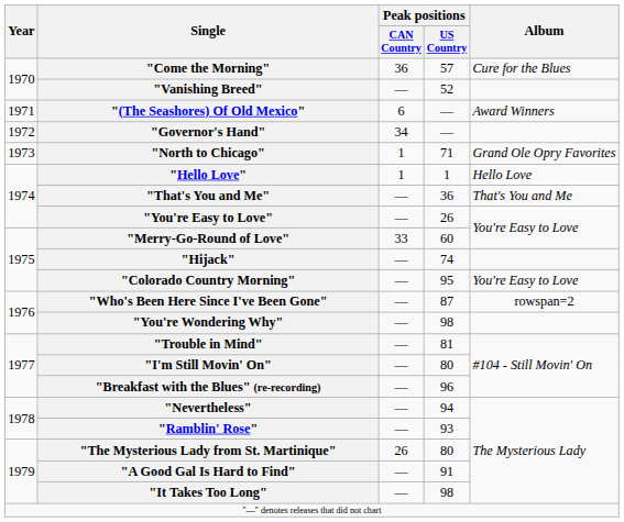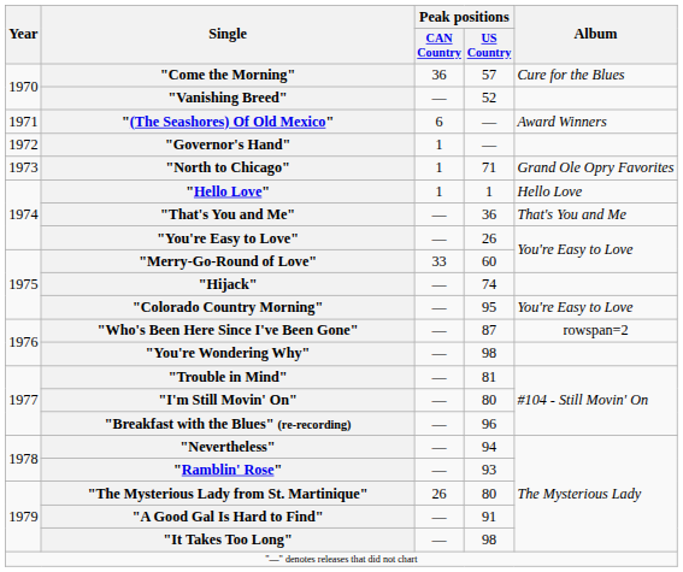 <table class="wikitable plainrowheaders" style="text-align:center;">
 <tr>
 <th rowspan="2">Year</th>
 <th rowspan="2" style="width:25em;">Single</th>
 <th scope="col" colspan="2">Peak positions</th>
 <th rowspan="2">Album</th>
 </tr>
 <tr style="font-size:smaller;">
 <th width="45"><a href='#'>CAN Country</a></th>
 <th width="45"><a href='#'>US Country</a><br></th>
 </tr>
 <tr>
 <td rowspan=2>1970</td>
 <th scope="row">"Come the Morning"</th>
 <td>36</td>
 <td>57</td>
 <td align="left"><em>Cure for the Blues</em></td>
 </tr>
 <tr>
 <th scope="row">"Vanishing Breed"</th>
 <td>—</td>
 <td>52</td>
 <td></td>
 </tr>
 <tr>
 <td>1971</td>
 <th scope="row">"<a href='#'>(The Seashores) Of Old Mexico</a>"</th>
 <td>6</td>
 <td>—</td>
 <td align="left"><em>Award Winners</em></td>
 </tr>
 <tr>
 <td>1972</td>
 <th scope="row">"Governor's Hand"</th>
-<td>34</td>
+<td>1</td>
 <td>—</td>
 <td></td>
 </tr>
 <tr>
 <td>1973</td>
 <th scope="row">"North to Chicago"</th>
 <td>1</td>
 <td>71</td>
 <td align="left"><em>Grand Ole Opry Favorites</em></td>
 </tr>
 <tr>
 <td rowspan=3>1974</td>
 <th scope="row">"<a href='#'>Hello Love</a>"</th>
 <td>1</td>
 <td>1</td>
 <td align="left"><em>Hello Love</em></td>
 </tr>
 <tr>
 <th scope="row">"That's You and Me"</th>
 <td>—</td>
 <td>36</td>
 <td align="left"><em>That's You and Me</em></td>
 </tr>
 <tr>
 <th scope="row">"You're Easy to Love"</th>
 <td>—</td>
 <td>26</td>
 <td align="left" rowspan=2><em>You're Easy to Love</em></td>
 </tr>
 <tr>
 <td rowspan=3>1975</td>
 <th scope="row">"Merry-Go-Round of Love"</th>
 <td>33</td>
 <td>60</td>
 </tr>
 <tr>
 <th scope="row">"Hijack"</th>
 <td>—</td>
 <td>74</td>
 <td></td>
 </tr>
 <tr>
 <th scope="row">"Colorado Country Morning"</th>
 <td>—</td>
 <td>95</td>
 <td align="left"><em>You're Easy to Love</em></td>
 </tr>
 <tr>
 <td rowspan=2>1976</td>
 <th scope="row">"Who's Been Here Since I've Been Gone"</th>
 <td>—</td>
 <td>87</td>
 <td>rowspan=2 </td>
 </tr>
 <tr>
 <th scope="row">"You're Wondering Why"</th>
 <td>—</td>
 <td>98</td>
 </tr>
 <tr>
 <td rowspan=3>1977</td>
 <th scope="row">"Trouble in Mind"</th>
 <td>—</td>
 <td>81</td>
 <td align="left" rowspan=3><em>#104 - Still Movin' On</em></td>
 </tr>
 <tr>
 <th scope="row">"I'm Still Movin' On"</th>
 <td>—</td>
 <td>80</td>
 </tr>
 <tr>
 <th scope="row">"Breakfast with the Blues" <small>(re-recording)</small></th>
 <td>—</td>
 <td>96</td>
 </tr>
 <tr>
 <td rowspan=2>1978</td>
 <th scope="row">"Nevertheless"</th>
 <td>—</td>
 <td>94</td>
 <td align="left" rowspan=5><em>The Mysterious Lady</em></td>
 </tr>
 <tr>
 <th scope="row">"<a href='#'>Ramblin' Rose</a>"</th>
 <td>—</td>
 <td>93</td>
 </tr>
 <tr>
 <td rowspan=3>1979</td>
 <th scope="row">"The Mysterious Lady from St. Martinique"</th>
 <td>26</td>
 <td>80</td>
 </tr>
 <tr>
 <th scope="row">"A Good Gal Is Hard to Find"</th>
 <td>—</td>
 <td>91</td>
 </tr>
 <tr>
 <th scope="row">"It Takes Too Long"</th>
 <td>—</td>
 <td>98</td>
 </tr>
 <tr>
 <td colspan="6" style="font-size:8pt">"—" denotes releases that did not chart</td>
 </tr>
 </table>
